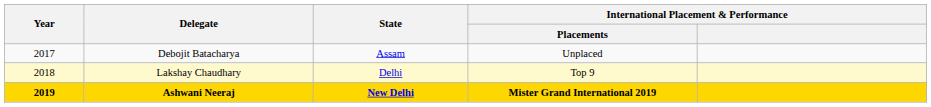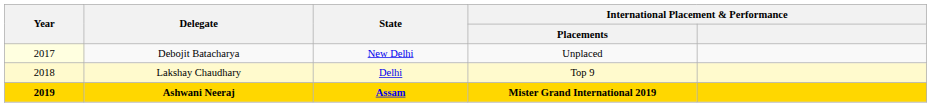 <table class="wikitable" style="text-align:center; line-height:20px; font-size:90%; width:100%;">
 <tr>
 <th rowspan="2"  width=100px>Year</th>
 <th rowspan="2"  width=300px>Delegate</th>
 <th rowspan="2"  width=200px>State</th>
 <th colspan="2"  width=100px>International Placement & Performance</th>
 </tr>
 <tr>
 <th width=300px>Placements</th>
 <th width=300px></th>
 </tr>
 <tr>
-<td>2017</td>
+<td style="background: lightyellow;">2017</td>
 <td>Debojit Batacharya</td>
-<td><a href='#'>Assam</a></td>
+<td><a href='#'>New Delhi</a></td>
 <td>Unplaced</td>
 <td></td>
 </tr>
 <tr style="background-color:#FFFACD;">
 <td>2018</td>
 <td>Lakshay Chaudhary</td>
 <td><a href='#'>Delhi</a></td>
 <td>Top 9</td>
 <td></td>
 </tr>
 <tr style="background-color:gold; font-weight: bold">
 <td>2019</td>
 <td>Ashwani Neeraj</td>
-<td><a href='#'>New Delhi</a></td>
+<td><a href='#'>Assam</a></td>
 <td>Mister Grand International 2019</td>
 <td style="background:;"></td>
 </tr>
 </table>
